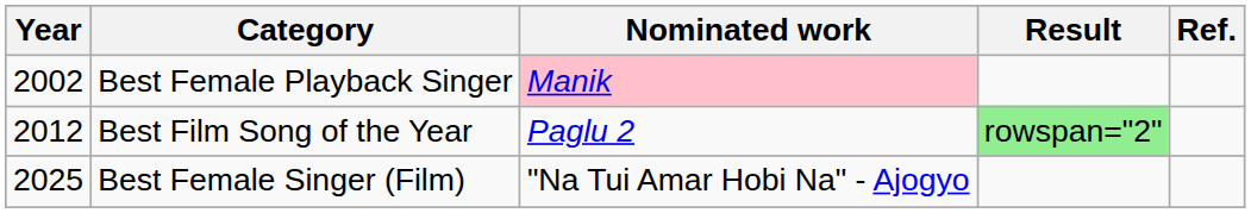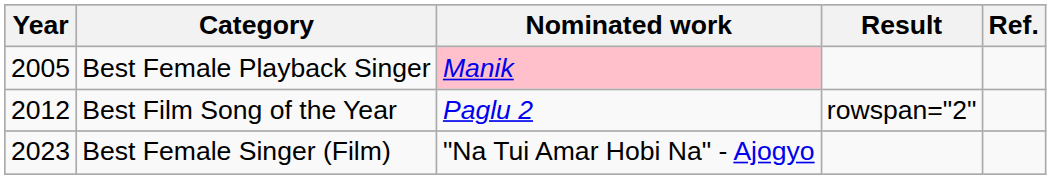 <table class="wikitable">
 <tr>
 <th>Year</th>
 <th>Category</th>
 <th>Nominated work</th>
 <th>Result</th>
 <th>Ref.</th>
 </tr>
 <tr>
-<td>2002</td>
+<td>2005</td>
 <td>Best Female Playback Singer</td>
 <td style="background: pink;"><em><a href='#'>Manik</a></em></td>
 <td></td>
 <td></td>
 </tr>
 <tr>
 <td>2012</td>
 <td>Best Film Song of the Year</td>
 <td><em><a href='#'>Paglu 2</a></em></td>
-<td style="background: lightgreen;">rowspan="2" </td>
+<td>rowspan="2" </td>
 <td></td>
 </tr>
 <tr>
-<td>2025</td>
+<td>2023</td>
 <td>Best Female Singer (Film)</td>
 <td>"Na Tui Amar Hobi Na" - <a href='#'>Ajogyo</a></td>
 <td></td>
 </tr>
 </table>
